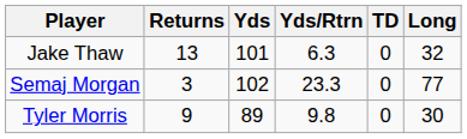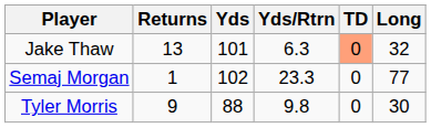 <table class="wikitable sortable sortable" style="text-align: center">
 <tr align=center>
 <th>Player</th>
 <th>Returns</th>
 <th>Yds</th>
 <th>Yds/Rtrn</th>
 <th>TD</th>
 <th>Long</th>
 </tr>
 <tr>
 <td>Jake Thaw</td>
 <td>13</td>
 <td>101</td>
 <td>6.3</td>
-<td>0</td>
+<td style="background: lightsalmon;">0</td>
 <td>32</td>
 </tr>
 <tr>
 <td><a href='#'>Semaj Morgan</a></td>
-<td>3</td>
+<td>1</td>
 <td>102</td>
 <td>23.3</td>
 <td>0</td>
 <td>77</td>
 </tr>
 <tr>
 <td><a href='#'>Tyler Morris</a></td>
 <td>9</td>
-<td>89</td>
+<td>88</td>
 <td>9.8</td>
 <td>0</td>
 <td>30</td>
 </tr>
 </table>
